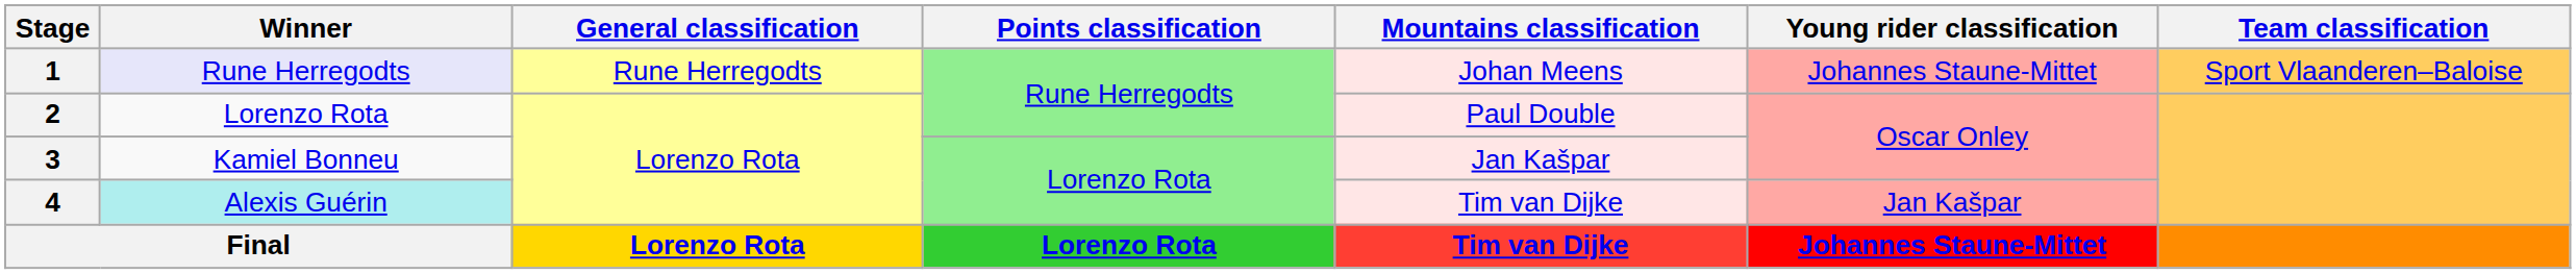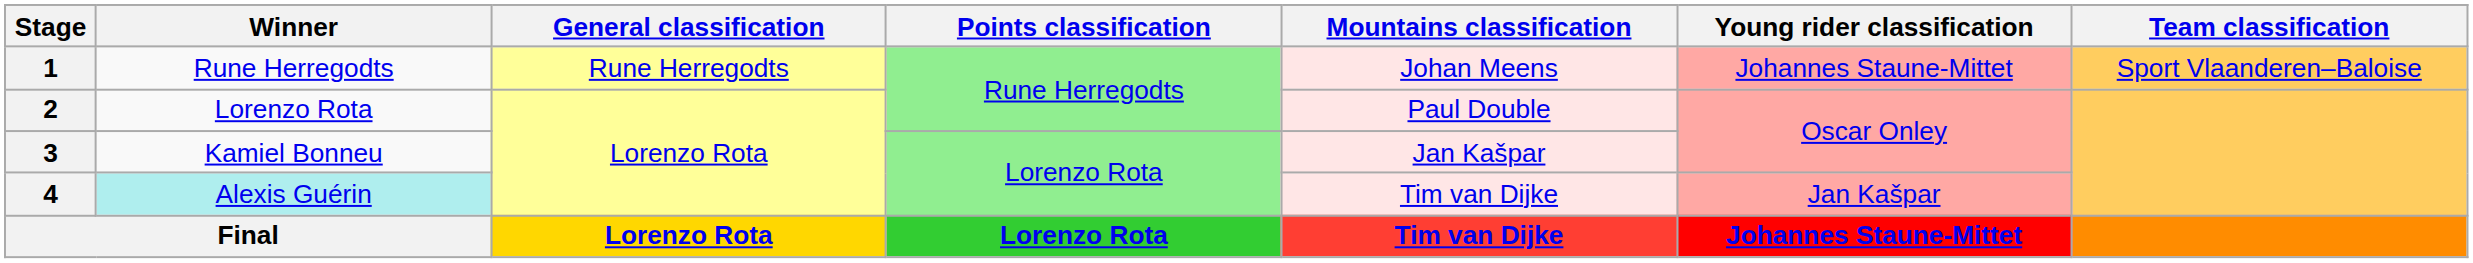 <table class="wikitable" style="text-align: center; font-size:smaller;">
 <tr style="background:#efefef;">
 <th style="width:2%;">Stage</th>
 <th style="width:14%;">Winner</th>
 <th style="width:14%;"><a href='#'>General classification</a><br></th>
 <th style="width:14%;"><a href='#'>Points classification</a><br></th>
 <th style="width:14%;"><a href='#'>Mountains classification</a><br></th>
 <th style="width:14%;">Young rider classification<br></th>
 <th style="width:14%;"><a href='#'>Team classification</a></th>
 </tr>
 <tr>
 <th>1</th>
-<td style="background: lavender;"><a href='#'>Rune Herregodts</a></td>
+<td><a href='#'>Rune Herregodts</a></td>
 <td style="background:#FFFF99;"><a href='#'>Rune Herregodts</a></td>
 <td style="background:lightgreen;" rowspan=2><a href='#'>Rune Herregodts</a></td>
 <td style="background:#FFE6E6;"><a href='#'>Johan Meens</a></td>
 <td style="background:#FFA8A4;"><a href='#'>Johannes Staune-Mittet</a></td>
 <td style="background:#FFCD5F;"><a href='#'>Sport Vlaanderen–Baloise</a></td>
 </tr>
 <tr>
 <th>2</th>
 <td><a href='#'>Lorenzo Rota</a></td>
 <td style="background:#FFFF99;" rowspan="3"><a href='#'>Lorenzo Rota</a></td>
 <td style="background:#FFE6E6;"><a href='#'>Paul Double</a></td>
 <td style="background:#FFA8A4;" rowspan="2"><a href='#'>Oscar Onley</a></td>
 <td style="background:#FFCD5F;" rowspan="3"></td>
 </tr>
 <tr>
 <th>3</th>
 <td><a href='#'>Kamiel Bonneu</a></td>
 <td style="background:lightgreen;" rowspan=2><a href='#'>Lorenzo Rota</a></td>
 <td style="background:#FFE6E6;"><a href='#'>Jan Kašpar</a></td>
 </tr>
 <tr>
 <th>4</th>
 <td style="background: paleturquoise;"><a href='#'>Alexis Guérin</a></td>
 <td style="background:#FFE6E6;"><a href='#'>Tim van Dijke</a></td>
 <td style="background:#FFA8A4;"><a href='#'>Jan Kašpar</a></td>
 </tr>
 <tr>
 <th colspan=2>Final</th>
 <th style="background:gold;"><a href='#'>Lorenzo Rota</a></th>
 <th style="background:limegreen;"><a href='#'>Lorenzo Rota</a></th>
 <th style="background:#FF3E33;"><a href='#'>Tim van Dijke</a></th>
 <th style="background:#f00;"><a href='#'>Johannes Staune-Mittet</a></th>
 <th style="background:#FF8C00;"></th>
 </tr>
 </table>
